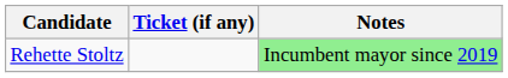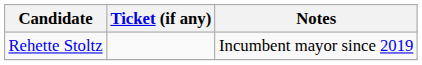 <table class="wikitable" style="font-size: 95%">
 <tr>
 <th>Candidate</th>
 <th><a href='#'>Ticket</a> (if any)</th>
 <th>Notes</th>
 </tr>
 <tr>
 <td><a href='#'>Rehette Stoltz</a></td>
 <td></td>
-<td style="background: lightgreen;">Incumbent mayor since <a href='#'>2019</a></td>
+<td>Incumbent mayor since <a href='#'>2019</a></td>
 </tr>
 <tr>
 </tr>
 </table>
